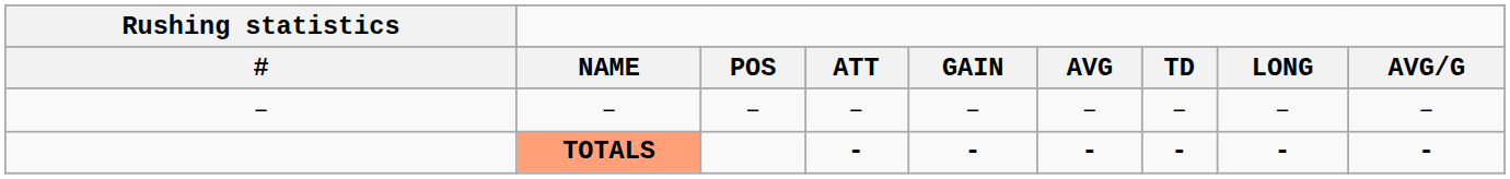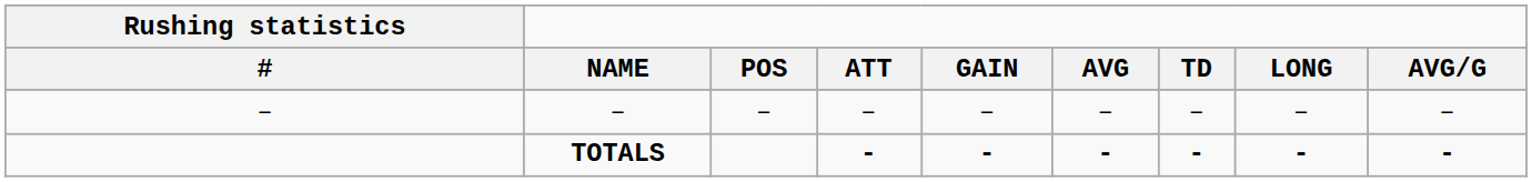 <table style="width:60%; text-align:center;" class="wikitable collapsible collapsed">
 <tr>
 <th style="text-align:center; ">Rushing statistics</th>
 </tr>
 <tr>
 <th>#</th>
 <th>NAME</th>
 <th>POS</th>
 <th>ATT</th>
 <th>GAIN</th>
 <th>AVG</th>
 <th>TD</th>
 <th>LONG</th>
 <th>AVG/G</th>
 </tr>
 <tr>
 <td>–</td>
 <td>–</td>
 <td>–</td>
 <td>–</td>
 <td>–</td>
 <td>–</td>
 <td>–</td>
 <td>–</td>
 <td>–</td>
 </tr>
 <tr>
 <td></td>
-<td style="background: lightsalmon;"><strong>TOTALS</strong></td>
+<td><strong>TOTALS</strong></td>
 <td></td>
 <td><strong>-</strong></td>
 <td><strong>-</strong></td>
 <td><strong>-</strong></td>
 <td><strong>-</strong></td>
 <td><strong>-</strong></td>
 <td><strong>-</strong></td>
 </tr>
 </table>
